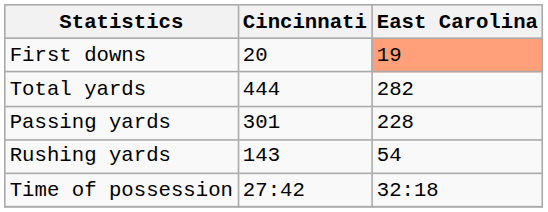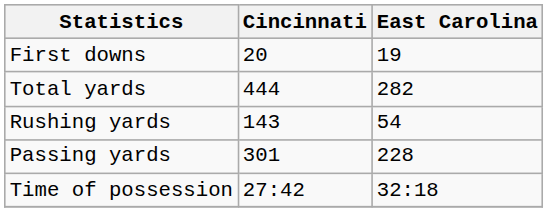 <table class="wikitable">
 <tr>
 <th>Statistics</th>
 <th>Cincinnati</th>
 <th>East Carolina</th>
 </tr>
 <tr>
 <td>First downs</td>
 <td>20</td>
-<td style="background: lightsalmon;">19</td>
+<td>19</td>
 </tr>
 <tr>
 <td>Total yards</td>
 <td>444</td>
 <td>282</td>
 </tr>
 <tr>
+<td>Rushing yards</td>
+<td>143</td>
+<td>54</td>
+</tr>
+<tr>
 <td>Passing yards</td>
 <td>301</td>
 <td>228</td>
-</tr>
-<tr>
-<td>Rushing yards</td>
-<td>143</td>
-<td>54</td>
 </tr>
 <tr>
 <td>Time of possession</td>
 <td>27:42</td>
 <td>32:18</td>
 </tr>
 <tr>
 </tr>
 </table>
